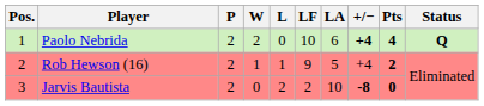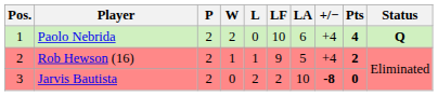 <table class="wikitable" style="text-align:center; margin: 1em auto 1em auto, align:left">
 <tr>
 <th width=20>Pos.</th>
 <th width=185>Player</th>
 <th width=20>P</th>
 <th width=20>W</th>
 <th width=20>L</th>
 <th width=20>LF</th>
 <th width=20>LA</th>
 <th width=25>+/−</th>
 <th width=20>Pts</th>
 <th width=70>Status</th>
 </tr>
 <tr style="background:#D0F0C0;">
 <td>1</td>
 <td align=left> <a href='#'>Paolo Nebrida</a></td>
 <td>2</td>
 <td>2</td>
 <td>0</td>
 <td>10</td>
 <td>6</td>
-<td><strong>+4</strong></td>
+<td>+4</td>
 <td><strong>4</strong></td>
 <td rowspan=1><strong>Q</strong></td>
 </tr>
 <tr style="background:#FF8888;">
 <td>2</td>
 <td align=left> <a href='#'>Rob Hewson</a> (16)</td>
 <td>2</td>
 <td>1</td>
 <td>1</td>
 <td>9</td>
 <td>5</td>
 <td>+4</td>
 <td><strong>2</strong></td>
 <td rowspan=2>Eliminated</td>
 </tr>
 <tr style="background:#FF8888;">
 <td>3</td>
 <td align=left> <a href='#'>Jarvis Bautista</a></td>
 <td>2</td>
 <td>0</td>
 <td>2</td>
 <td>2</td>
 <td>10</td>
 <td><strong>-8</strong></td>
 <td><strong>0</strong></td>
 </tr>
 </table>
